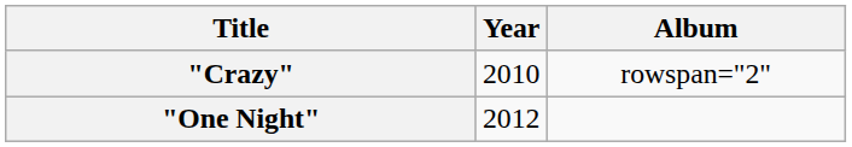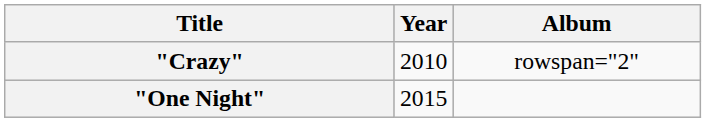 <table class="wikitable plainrowheaders" style="text-align:center;">
 <tr>
 <th scope="col" rowspan="1" style="width:16em;">Title</th>
 <th scope="col" rowspan="1" style="width:1em;">Year</th>
 <th scope="col" rowspan="1" style="width:10em;">Album</th>
 </tr>
 <tr>
 <th scope="row">"Crazy"<br></th>
 <td>2010</td>
 <td>rowspan="2" </td>
 </tr>
 <tr>
 <th scope="row">"One Night"<br></th>
-<td>2012</td>
+<td>2015</td>
 </tr>
 </table>
